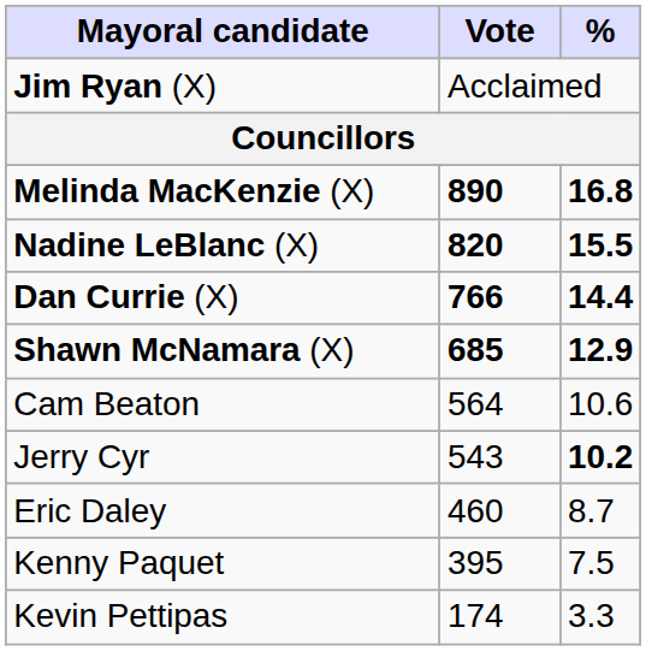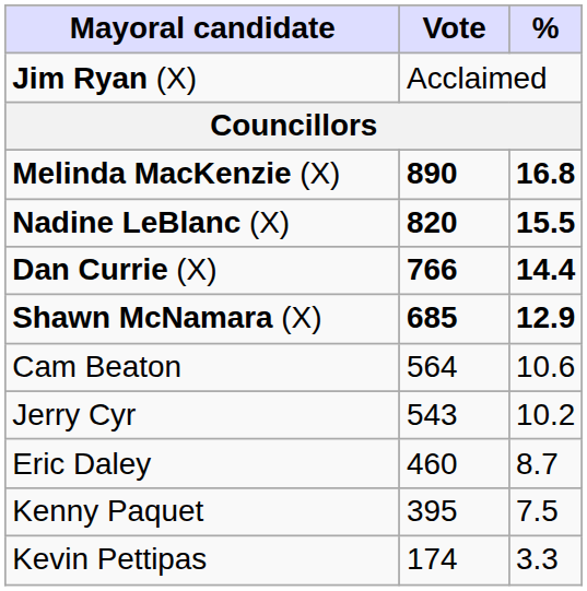 <table class="wikitable">
 <tr>
 <th style="background:#ddf; width:200px;">Mayoral candidate</th>
 <th style="background:#ddf; width:50px;">Vote</th>
 <th style="background:#ddf; width:30px;">%</th>
 </tr>
 <tr>
 <td><strong>Jim Ryan</strong> (X)</td>
 <td colspan="2">Acclaimed</td>
 </tr>
 <tr>
 <th colspan="3"><strong>Councillors</strong></th>
 </tr>
 <tr>
 <td><strong>Melinda MacKenzie</strong> (X)</td>
 <td><strong>890</strong></td>
 <td><strong>16.8</strong></td>
 </tr>
 <tr>
 <td><strong>Nadine LeBlanc</strong> (X)</td>
 <td><strong>820</strong></td>
 <td><strong>15.5</strong></td>
 </tr>
 <tr>
 <td><strong>Dan Currie</strong> (X)</td>
 <td><strong>766</strong></td>
 <td><strong>14.4</strong></td>
 </tr>
 <tr>
 <td><strong>Shawn McNamara</strong> (X)</td>
 <td><strong>685</strong></td>
 <td><strong>12.9</strong></td>
 </tr>
 <tr>
 <td>Cam Beaton</td>
 <td>564</td>
 <td>10.6</td>
 </tr>
 <tr>
 <td>Jerry Cyr</td>
 <td>543</td>
-<td><strong>10.2</strong></td>
+<td>10.2</td>
 </tr>
 <tr>
 <td>Eric Daley</td>
 <td>460</td>
 <td>8.7</td>
 </tr>
 <tr>
 <td>Kenny Paquet</td>
 <td>395</td>
 <td>7.5</td>
 </tr>
 <tr>
 <td>Kevin Pettipas</td>
 <td>174</td>
 <td>3.3</td>
 </tr>
 </table>
